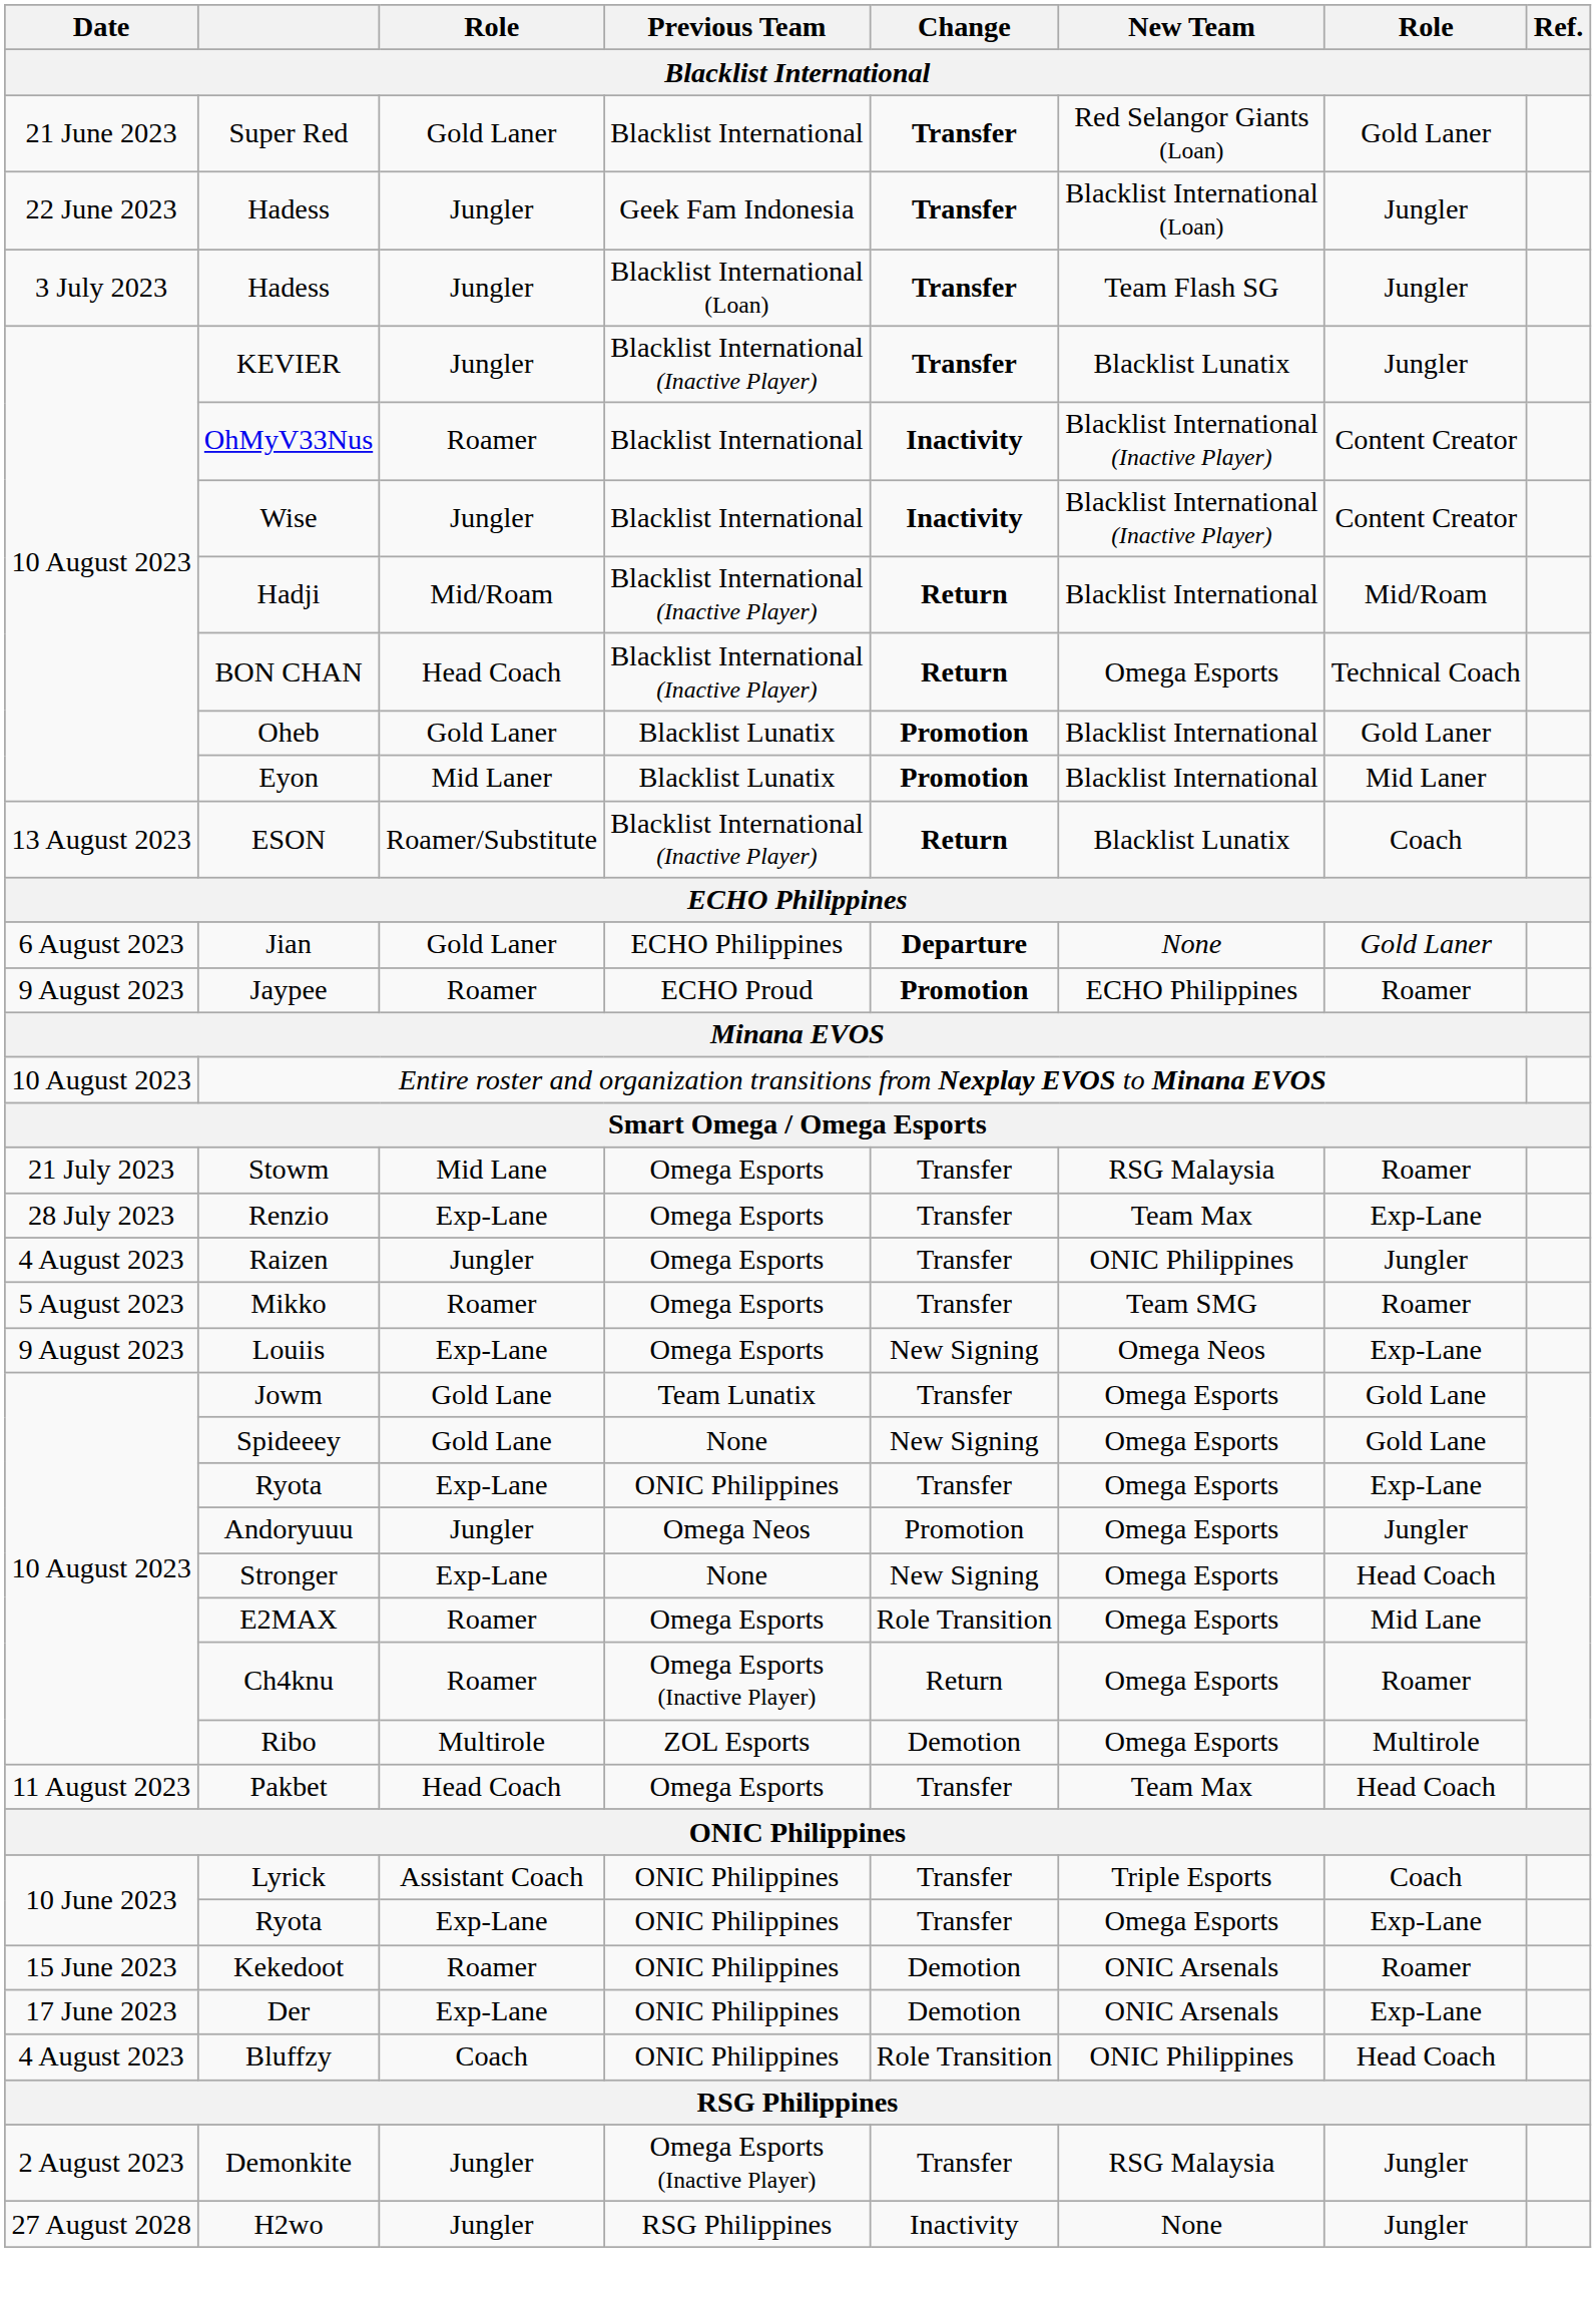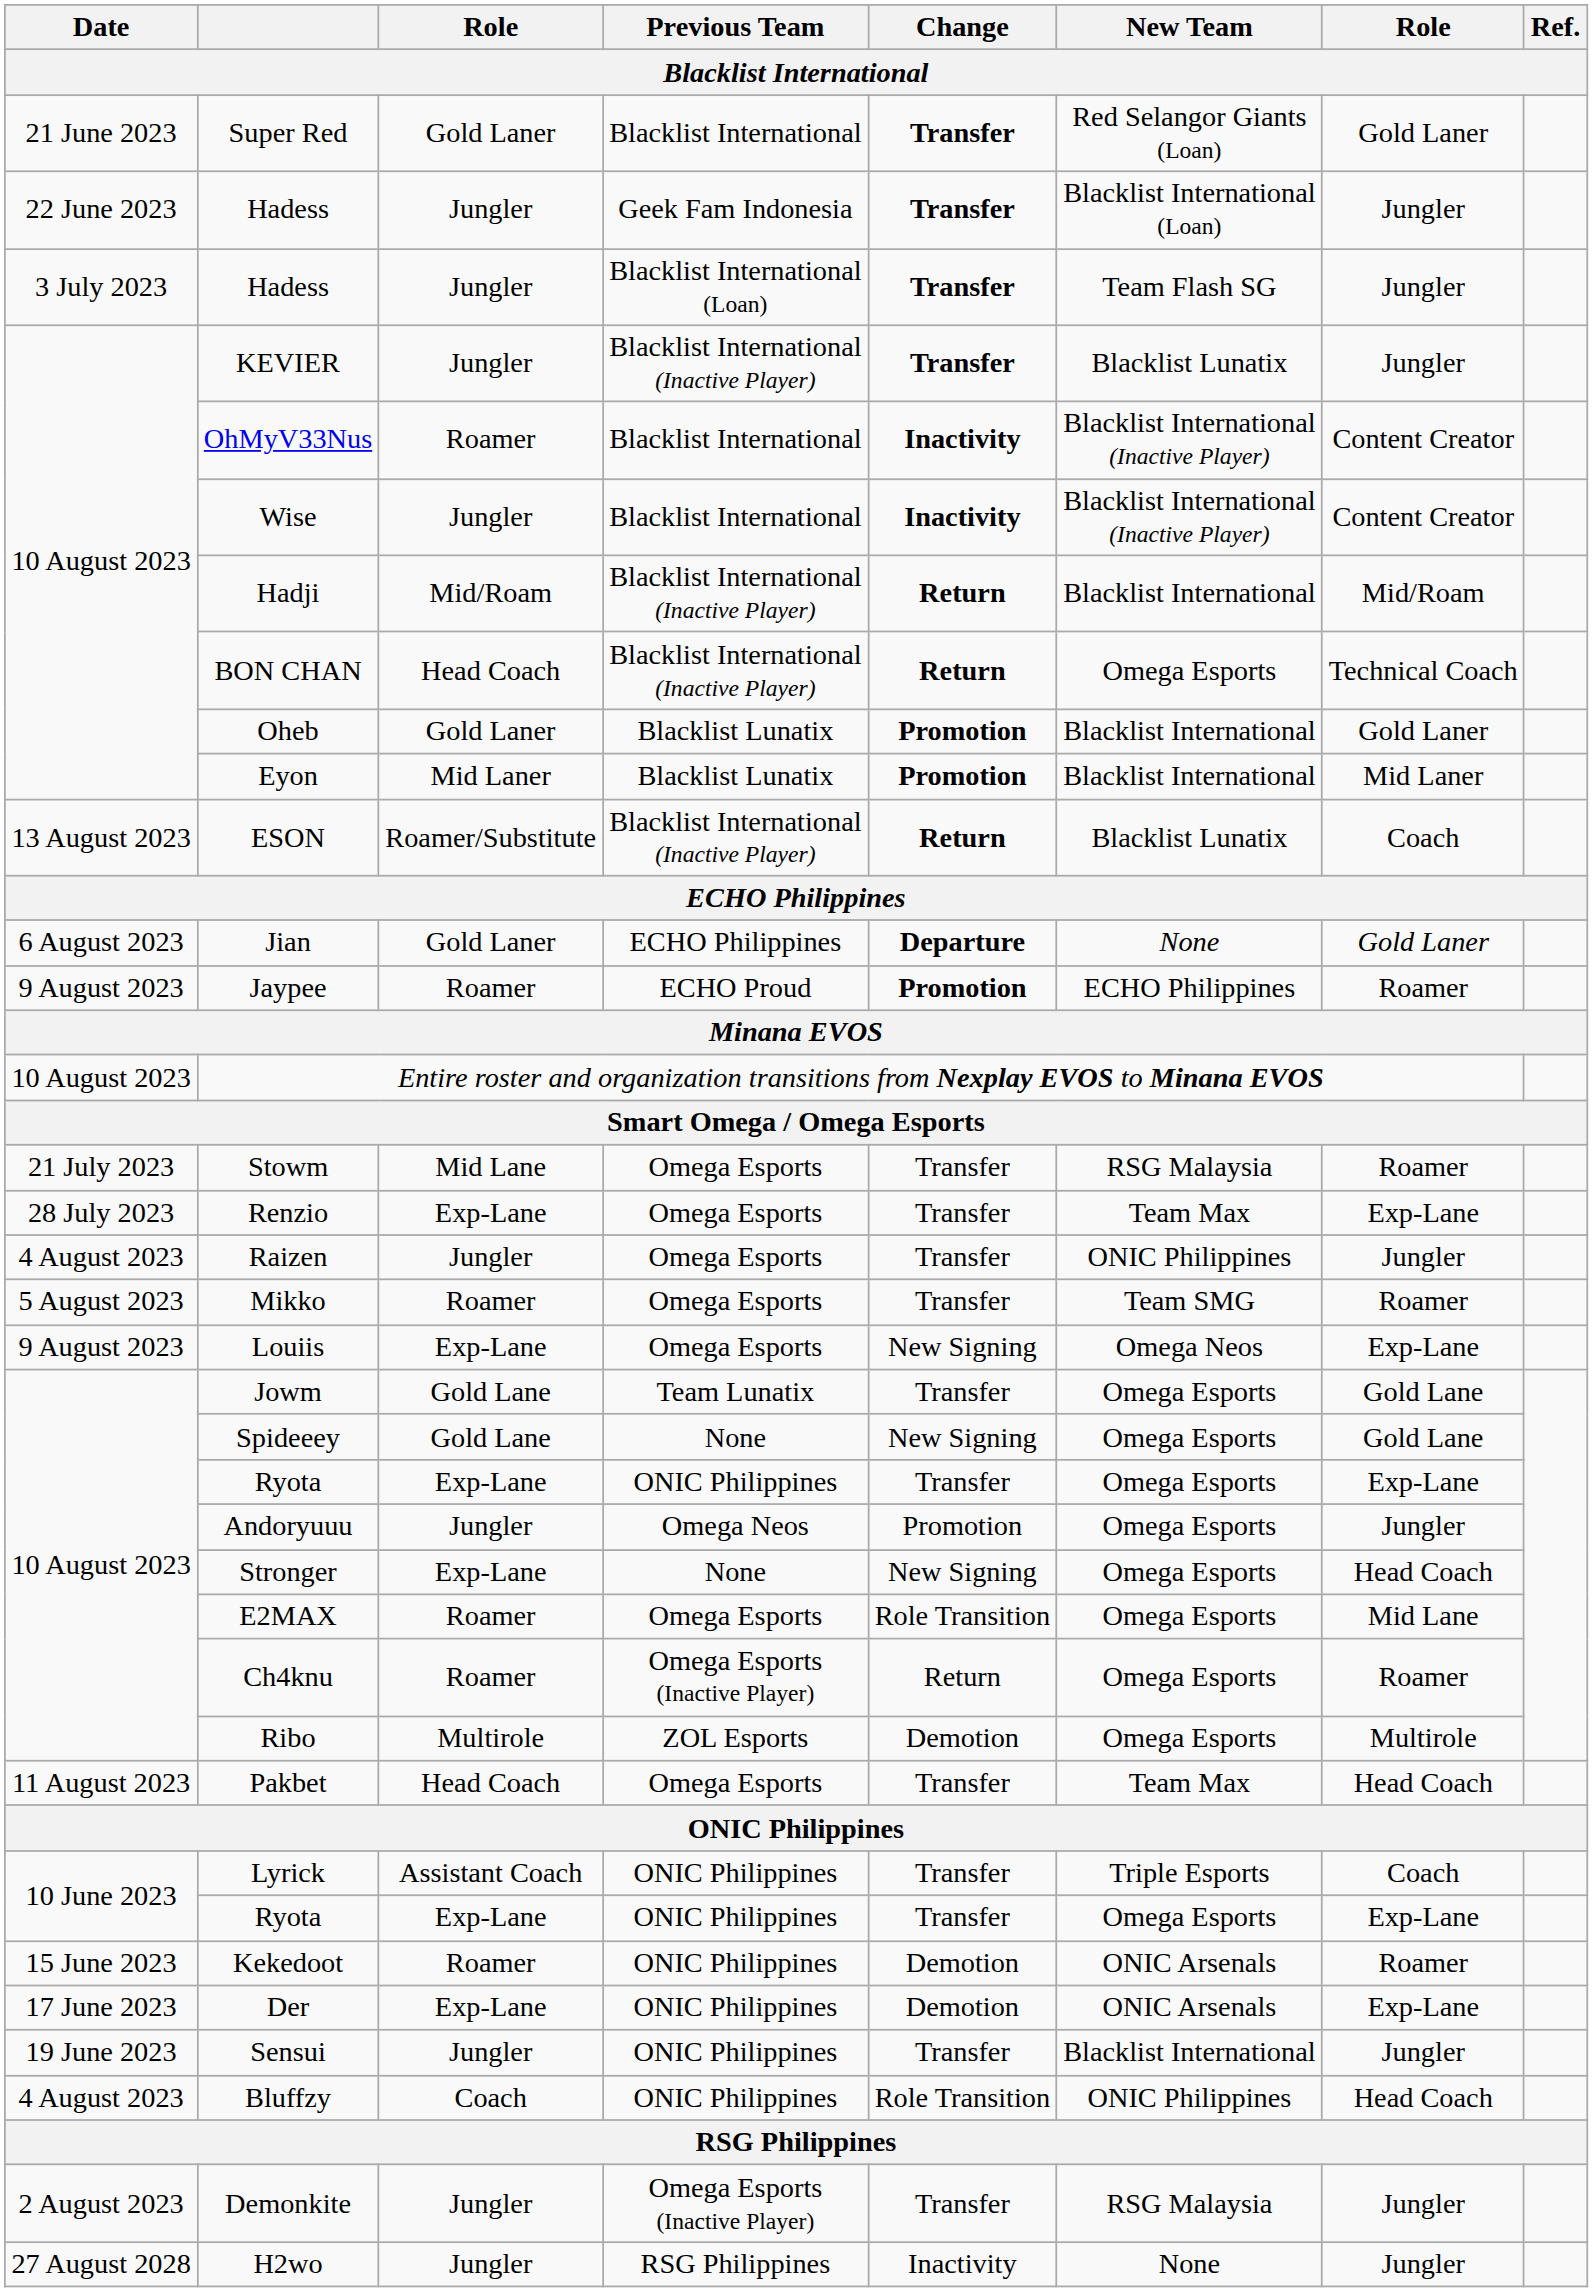 <table class="wikitable" style="left-margin: auto; right-margin: auto; text-align:center;">
 <tr>
 <th>Date</th>
 <th></th>
 <th>Role</th>
 <th>Previous Team</th>
 <th>Change</th>
 <th>New Team</th>
 <th>Role</th>
 <th>Ref.</th>
 </tr>
 <tr>
 <th colspan="8"><em>Blacklist International</em></th>
 </tr>
 <tr>
 <td style="text-align:center;">21 June 2023</td>
 <td style="text-align:center;">Super Red</td>
 <td style="text-align:center;">Gold Laner</td>
 <td style="text-align:center;">Blacklist International</td>
 <td style="text-align:center;"><strong>Transfer</strong></td>
 <td style="text-align:center;">Red Selangor Giants<br><small>(Loan)</small></td>
 <td style="text-align:center;">Gold Laner</td>
 <td></td>
 </tr>
 <tr>
 <td style="text-align:center;">22 June 2023</td>
 <td style="text-align:center;">Hadess</td>
 <td style="text-align:center;">Jungler</td>
 <td style="text-align:center;">Geek Fam Indonesia</td>
 <td style="text-align:center;"><strong>Transfer</strong></td>
 <td style="text-align:center;">Blacklist International<br><small>(Loan)</small></td>
 <td style="text-align:center;">Jungler</td>
 <td></td>
 </tr>
 <tr>
 <td style="text-align:center;">3 July 2023</td>
 <td style="text-align:center;">Hadess</td>
 <td style="text-align:center;">Jungler</td>
 <td style="text-align:center;">Blacklist International<br><small>(Loan)</small></td>
 <td style="text-align:center;"><strong>Transfer</strong></td>
 <td style="text-align:center;">Team Flash SG</td>
 <td style="text-align:center;">Jungler</td>
 <td></td>
 </tr>
 <tr>
 <td rowspan="7" style="text-align:center;">10 August 2023</td>
 <td style="text-align:center;">KEVIER</td>
 <td style="text-align:center;">Jungler</td>
 <td style="text-align:center;">Blacklist International<br><small><em>(Inactive Player)</em></small></td>
 <td style="text-align:center;"><strong>Transfer</strong></td>
 <td style="text-align:center;">Blacklist Lunatix</td>
 <td style="text-align:center;">Jungler</td>
 <td></td>
 </tr>
 <tr>
 <td style="text-align:center;"><a href='#'>OhMyV33Nus</a></td>
 <td style="text-align:center;">Roamer</td>
 <td style="text-align:center;">Blacklist International</td>
 <td style="text-align:center;"><strong>Inactivity</strong></td>
 <td style="text-align:center;">Blacklist International<br><small><em>(Inactive Player)</em></small></td>
 <td style="text-align:center;">Content Creator</td>
 <td></td>
 </tr>
 <tr>
 <td style="text-align:center;">Wise</td>
 <td style="text-align:center;">Jungler</td>
 <td style="text-align:center;">Blacklist International</td>
 <td style="text-align:center;"><strong>Inactivity</strong></td>
 <td style="text-align:center;">Blacklist International<br><small><em>(Inactive Player)</em></small></td>
 <td style="text-align:center;">Content Creator</td>
 <td></td>
 </tr>
 <tr>
 <td style="text-align:center;">Hadji</td>
 <td style="text-align:center;">Mid/Roam</td>
 <td style="text-align:center;">Blacklist International<br><small><em>(Inactive Player)</em></small></td>
 <td style="text-align:center;"><strong>Return</strong></td>
 <td style="text-align:center;">Blacklist International</td>
 <td style="text-align:center;">Mid/Roam</td>
 <td></td>
 </tr>
 <tr>
 <td style="text-align:center;">BON CHAN</td>
 <td style="text-align:center;">Head Coach</td>
 <td style="text-align:center;">Blacklist International<br><small><em>(Inactive Player)</em></small></td>
 <td style="text-align:center;"><strong>Return</strong></td>
 <td>Omega Esports</td>
 <td style="text-align:center;">Technical Coach</td>
 <td></td>
 </tr>
 <tr>
 <td style="text-align:center;">Oheb</td>
 <td style="text-align:center;">Gold Laner</td>
 <td style="text-align:center;">Blacklist Lunatix</td>
 <td style="text-align:center;"><strong>Promotion</strong></td>
 <td style="text-align:center;">Blacklist International</td>
 <td style="text-align:center;">Gold Laner</td>
 <td></td>
 </tr>
 <tr>
 <td style="text-align:center;">Eyon</td>
 <td style="text-align:center;">Mid Laner</td>
 <td style="text-align:center;">Blacklist Lunatix</td>
 <td style="text-align:center;"><strong>Promotion</strong></td>
 <td style="text-align:center;">Blacklist International</td>
 <td style="text-align:center;">Mid Laner</td>
 <td></td>
 </tr>
 <tr>
 <td style="text-align:center;">13 August 2023</td>
 <td style="text-align:center;">ESON</td>
 <td style="text-align:center;">Roamer/Substitute</td>
 <td style="text-align:center;">Blacklist International<br><small><em>(Inactive Player)</em></small></td>
 <td style="text-align:center;"><strong>Return</strong></td>
 <td style="text-align:center;">Blacklist Lunatix</td>
 <td style="text-align:center;">Coach</td>
 <td></td>
 </tr>
 <tr>
 <th colspan="8"><em>ECHO Philippines</em></th>
 </tr>
 <tr>
 <td>6 August 2023</td>
 <td>Jian</td>
 <td>Gold Laner</td>
 <td>ECHO Philippines</td>
 <td><strong>Departure</strong></td>
 <td><em>None</em></td>
 <td><em>Gold Laner</em></td>
 <td></td>
 </tr>
 <tr>
 <td>9 August 2023</td>
 <td>Jaypee</td>
 <td>Roamer</td>
 <td>ECHO Proud</td>
 <td><strong>Promotion</strong></td>
 <td>ECHO Philippines</td>
 <td>Roamer</td>
 <td></td>
 </tr>
 <tr>
 <th colspan="8"><em>Minana EVOS</em></th>
 </tr>
 <tr>
 <td>10 August 2023</td>
 <td colspan="6"><em>Entire roster and organization transitions from <strong>Nexplay EVOS</strong> to <strong>Minana EVOS<strong><em></td>
 <td></td>
 </tr>
 <tr>
 <th colspan="8"></em>Smart Omega / Omega Esports<em></th>
 </tr>
 <tr>
 <td>21 July 2023</td>
 <td>Stowm</td>
 <td>Mid Lane</td>
 <td>Omega Esports</td>
 <td></strong>Transfer<strong></td>
 <td>RSG Malaysia</td>
 <td>Roamer</td>
 <td></td>
 </tr>
 <tr>
 <td>28 July 2023</td>
 <td>Renzio</td>
 <td>Exp-Lane</td>
 <td>Omega Esports</td>
 <td></strong>Transfer<strong></td>
 <td>Team Max</td>
 <td>Exp-Lane</td>
 <td></td>
 </tr>
 <tr>
 <td>4 August 2023</td>
 <td>Raizen</td>
 <td>Jungler</td>
 <td>Omega Esports</td>
 <td></strong>Transfer<strong></td>
 <td>ONIC Philippines</td>
 <td>Jungler</td>
 <td></td>
 </tr>
 <tr>
 <td>5 August 2023</td>
 <td>Mikko</td>
 <td>Roamer</td>
 <td>Omega Esports</td>
 <td></strong>Transfer<strong></td>
 <td>Team SMG</td>
 <td>Roamer</td>
 <td></td>
 </tr>
 <tr>
 <td>9 August 2023</td>
 <td>Louiis</td>
 <td>Exp-Lane</td>
 <td>Omega Esports</td>
 <td></strong>New Signing<strong></td>
 <td>Omega Neos</td>
 <td>Exp-Lane</td>
 <td></td>
 </tr>
 <tr>
 <td rowspan="8">10 August 2023</td>
 <td>Jowm</td>
 <td>Gold Lane</td>
 <td>Team Lunatix</td>
 <td></strong>Transfer<strong></td>
 <td>Omega Esports</td>
 <td>Gold Lane</td>
 <td rowspan="8"></td>
 </tr>
 <tr>
 <td>Spideeey</td>
 <td>Gold Lane</td>
 <td></em>None<em></td>
 <td></strong>New Signing<strong></td>
 <td>Omega Esports</td>
 <td>Gold Lane</td>
 </tr>
 <tr>
 <td>Ryota</td>
 <td>Exp-Lane</td>
 <td>ONIC Philippines</td>
 <td></strong>Transfer<strong></td>
 <td>Omega Esports</td>
 <td>Exp-Lane</td>
 </tr>
 <tr>
 <td>Andoryuuu</td>
 <td>Jungler</td>
 <td>Omega Neos</td>
 <td></strong>Promotion<strong></td>
 <td>Omega Esports</td>
 <td>Jungler</td>
 </tr>
 <tr>
 <td>Stronger</td>
 <td>Exp-Lane</td>
 <td></em>None<em></td>
 <td></strong>New Signing<strong></td>
 <td>Omega Esports</td>
 <td>Head Coach</td>
 </tr>
 <tr>
 <td>E2MAX</td>
 <td>Roamer</td>
 <td>Omega Esports</td>
 <td></strong>Role Transition<strong></td>
 <td>Omega Esports</td>
 <td>Mid Lane</td>
 </tr>
 <tr>
 <td>Ch4knu</td>
 <td>Roamer</td>
 <td>Omega Esports<br><small></em>(Inactive Player)<em></small></td>
 <td></strong>Return<strong></td>
 <td>Omega Esports</td>
 <td>Roamer</td>
 </tr>
 <tr>
 <td>Ribo</td>
 <td>Multirole</td>
 <td>ZOL Esports</td>
 <td></strong>Demotion<strong></td>
 <td>Omega Esports</td>
 <td>Multirole</td>
 </tr>
 <tr>
 <td>11 August 2023</td>
 <td>Pakbet</td>
 <td>Head Coach</td>
 <td>Omega Esports</td>
 <td></strong>Transfer<strong></td>
 <td>Team Max</td>
 <td>Head Coach</td>
 <td></td>
 </tr>
 <tr>
 <th colspan="8"></em>ONIC Philippines<em></th>
 </tr>
 <tr>
 <td rowspan="2">10 June 2023</td>
 <td>Lyrick</td>
 <td>Assistant Coach</td>
 <td>ONIC Philippines</td>
 <td></strong>Transfer<strong></td>
 <td>Triple Esports</td>
 <td>Coach</td>
 <td></td>
 </tr>
 <tr>
 <td>Ryota</td>
 <td>Exp-Lane</td>
 <td>ONIC Philippines</td>
 <td></strong>Transfer<strong></td>
 <td>Omega Esports</td>
 <td>Exp-Lane</td>
 <td></td>
 </tr>
 <tr>
 <td>15 June 2023</td>
 <td>Kekedoot</td>
 <td>Roamer</td>
 <td>ONIC Philippines</td>
 <td></strong>Demotion<strong></td>
 <td>ONIC Arsenals</td>
 <td>Roamer</td>
 <td></td>
 </tr>
 <tr>
 <td>17 June 2023</td>
 <td>Der</td>
 <td>Exp-Lane</td>
 <td>ONIC Philippines</td>
 <td></strong>Demotion<strong></td>
 <td>ONIC Arsenals</td>
 <td>Exp-Lane</td>
 <td></td>
 </tr>
 <tr>
+<td>19 June 2023</td>
+<td>Sensui</td>
+<td>Jungler</td>
+<td>ONIC Philippines</td>
+<td></strong>Transfer<strong></td>
+<td>Blacklist International</td>
+<td>Jungler</td>
+<td></td>
+</tr>
+<tr>
 <td>4 August 2023</td>
 <td>Bluffzy</td>
 <td>Coach</td>
 <td>ONIC Philippines</td>
 <td></strong>Role Transition<strong></td>
 <td>ONIC Philippines</td>
 <td>Head Coach</td>
 <td></td>
 </tr>
 <tr>
 <th colspan="8"></em>RSG Philippines<em></th>
 </tr>
 <tr>
 <td>2 August 2023</td>
 <td>Demonkite</td>
 <td>Jungler</td>
 <td>Omega Esports<br><small></em>(Inactive Player)<em></small></td>
 <td></strong>Transfer<strong></td>
 <td>RSG Malaysia</td>
 <td>Jungler</td>
 <td></td>
 </tr>
 <tr>
 <td>27 August 2028</td>
 <td>H2wo</td>
 <td>Jungler</td>
 <td>RSG Philippines</td>
 <td></strong>Inactivity<strong></td>
 <td></em>None<em></td>
 <td></em>Jungler<em></td>
 <td></td>
 </tr>
 </table>
